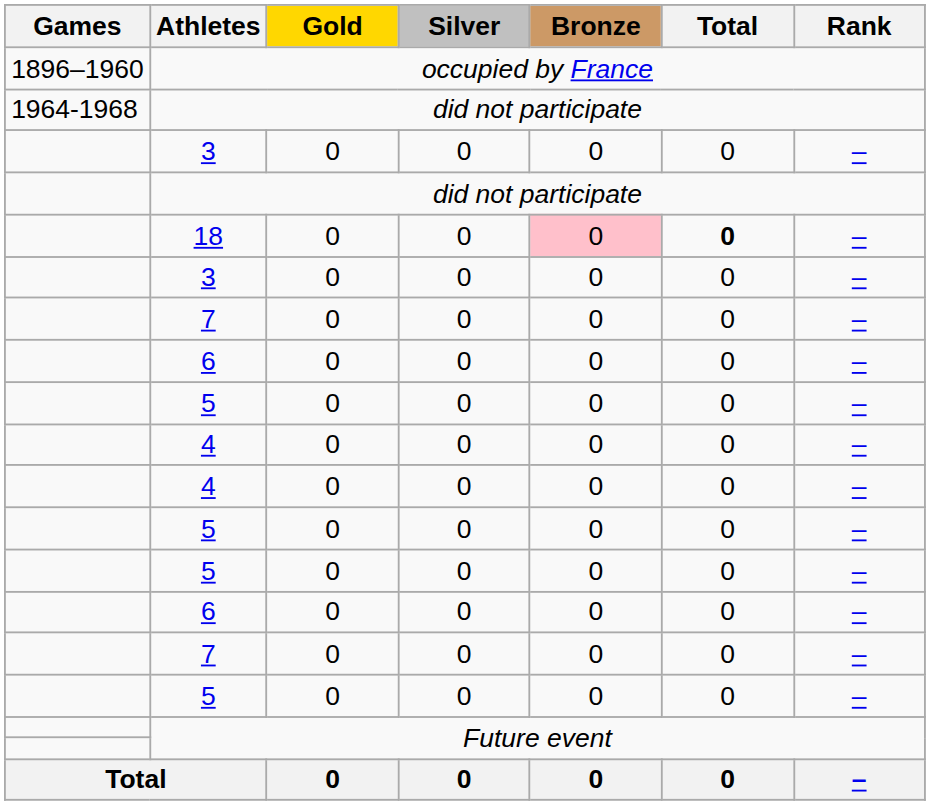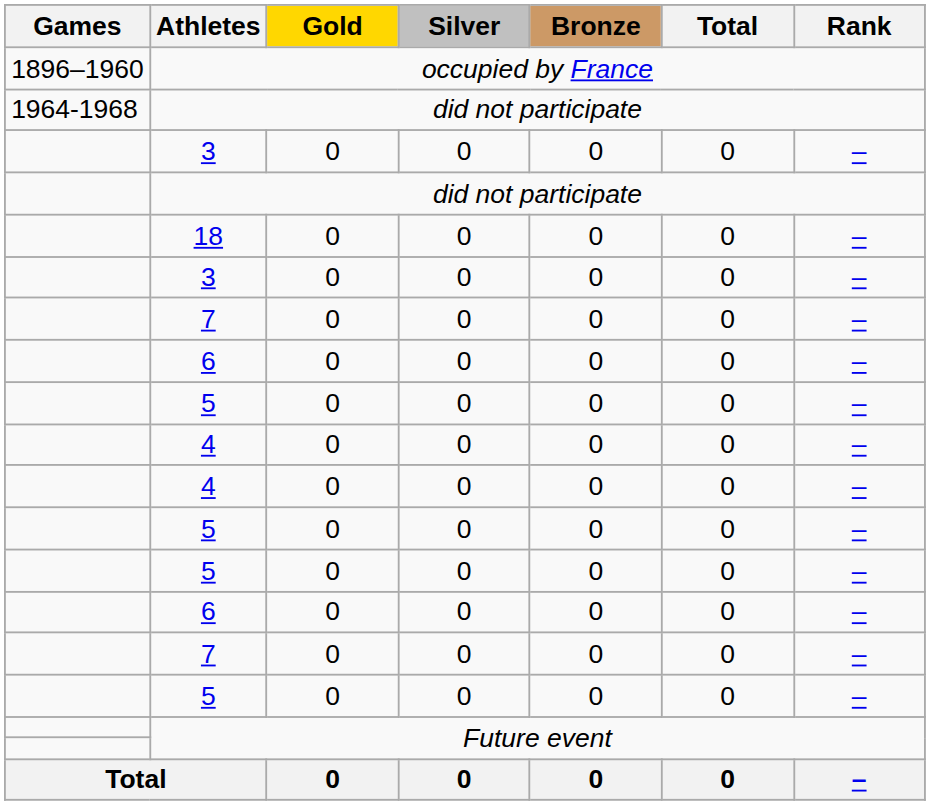 <table class="wikitable" style="text-align:center; font-size:90%;">
 <tr>
 <th>Games</th>
 <th>Athletes</th>
 <td style="background:gold; width:4.5em; font-weight:bold;">Gold</td>
 <td style="background:silver; width:4.5em; font-weight:bold;">Silver</td>
 <td style="background:#cc9966; width:4.5em; font-weight:bold;">Bronze</td>
 <th style="width:4.5em; font-weight:bold;">Total</th>
 <th style="width:4.5em; font-weight:bold;">Rank</th>
 </tr>
 <tr>
 <td align=left>1896–1960</td>
 <td colspan=6><em>occupied by  <a href='#'>France</a></em></td>
 </tr>
 <tr>
 <td align=left>1964-1968</td>
 <td colspan=6;><em>did not participate</em></td>
 </tr>
 <tr>
 <td align=left></td>
 <td><a href='#'>3</a></td>
 <td>0</td>
 <td>0</td>
 <td>0</td>
 <td>0</td>
 <td><a href='#'>–</a></td>
 </tr>
 <tr>
 <td align=left></td>
 <td colspan=6><em>did not participate</em></td>
 </tr>
 <tr>
 <td align=left></td>
 <td><a href='#'>18</a></td>
 <td>0</td>
 <td>0</td>
-<td style="background: pink;">0</td>
-<td><strong>0</strong></td>
+<td>0</td>
+<td>0</td>
 <td><a href='#'>–</a></td>
 </tr>
 <tr>
 <td align=left></td>
 <td><a href='#'>3</a></td>
 <td>0</td>
 <td>0</td>
 <td>0</td>
 <td>0</td>
 <td><a href='#'>–</a></td>
 </tr>
 <tr>
 <td align=left></td>
 <td><a href='#'>7</a></td>
 <td>0</td>
 <td>0</td>
 <td>0</td>
 <td>0</td>
 <td><a href='#'>–</a></td>
 </tr>
 <tr>
 <td align=left></td>
 <td><a href='#'>6</a></td>
 <td>0</td>
 <td>0</td>
 <td>0</td>
 <td>0</td>
 <td><a href='#'>–</a></td>
 </tr>
 <tr>
 <td align=left></td>
 <td><a href='#'>5</a></td>
 <td>0</td>
 <td>0</td>
 <td>0</td>
 <td>0</td>
 <td><a href='#'>–</a></td>
 </tr>
 <tr>
 <td align=left></td>
 <td><a href='#'>4</a></td>
 <td>0</td>
 <td>0</td>
 <td>0</td>
 <td>0</td>
 <td><a href='#'>–</a></td>
 </tr>
 <tr>
 <td align=left></td>
 <td><a href='#'>4</a></td>
 <td>0</td>
 <td>0</td>
 <td>0</td>
 <td>0</td>
 <td><a href='#'>–</a></td>
 </tr>
 <tr>
 <td align=left></td>
 <td><a href='#'>5</a></td>
 <td>0</td>
 <td>0</td>
 <td>0</td>
 <td>0</td>
 <td><a href='#'>–</a></td>
 </tr>
 <tr>
 <td align=left></td>
 <td><a href='#'>5</a></td>
 <td>0</td>
 <td>0</td>
 <td>0</td>
 <td>0</td>
 <td><a href='#'>–</a></td>
 </tr>
 <tr>
 <td align=left></td>
 <td><a href='#'>6</a></td>
 <td>0</td>
 <td>0</td>
 <td>0</td>
 <td>0</td>
 <td><a href='#'>–</a></td>
 </tr>
 <tr>
 <td align=left></td>
 <td><a href='#'>7</a></td>
 <td>0</td>
 <td>0</td>
 <td>0</td>
 <td>0</td>
 <td><a href='#'>–</a></td>
 </tr>
 <tr>
 <td align=left></td>
 <td><a href='#'>5</a></td>
 <td>0</td>
 <td>0</td>
 <td>0</td>
 <td>0</td>
 <td><a href='#'>–</a></td>
 </tr>
 <tr>
 <td align=left></td>
 <td colspan=6; rowspan=2><em>Future event</em></td>
 </tr>
 <tr>
 <td align=left></td>
 </tr>
 <tr>
 <th colspan=2>Total</th>
 <th>0</th>
 <th>0</th>
 <th>0</th>
 <th>0</th>
 <th><a href='#'>–</a></th>
 </tr>
 </table>
